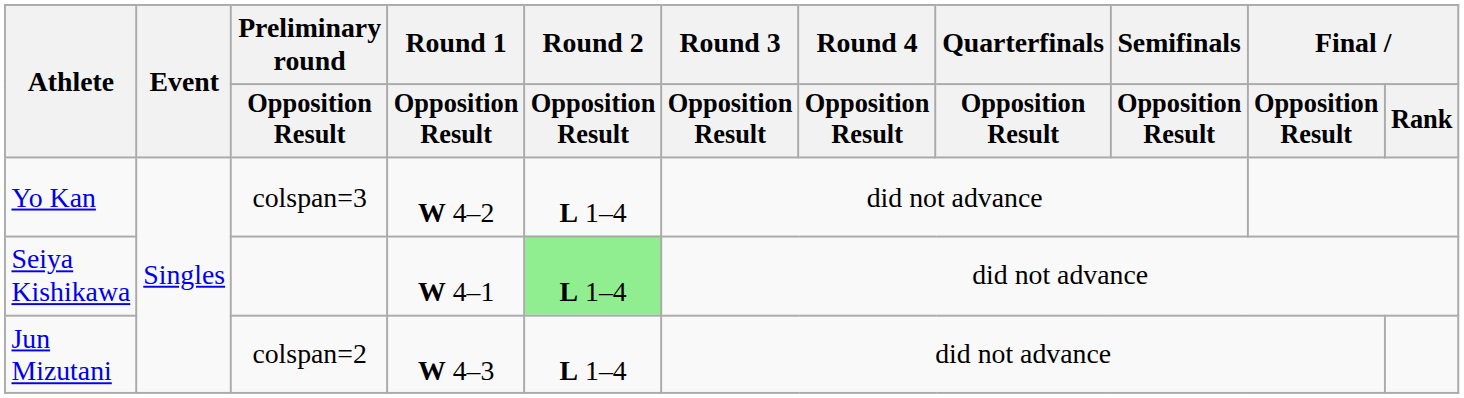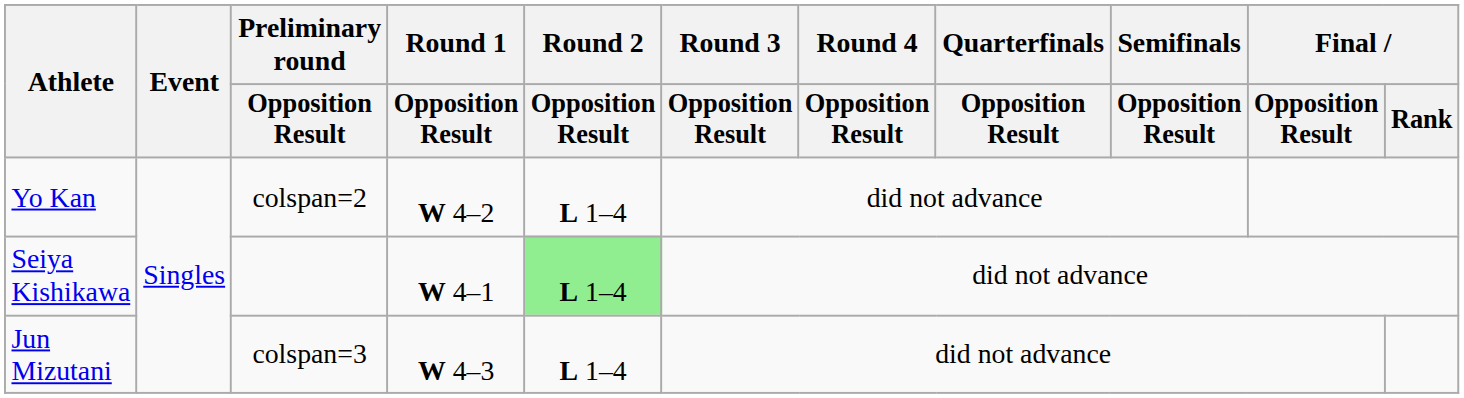 <table class="wikitable" style="font-size:90%;">
 <tr>
 <th rowspan="2">Athlete</th>
 <th rowspan="2">Event</th>
 <th>Preliminary round</th>
 <th>Round 1</th>
 <th>Round 2</th>
 <th>Round 3</th>
 <th>Round 4</th>
 <th>Quarterfinals</th>
 <th>Semifinals</th>
 <th colspan=2>Final / </th>
 </tr>
 <tr style="font-size:95%">
 <th>Opposition<br>Result</th>
 <th>Opposition<br>Result</th>
 <th>Opposition<br>Result</th>
 <th>Opposition<br>Result</th>
 <th>Opposition<br>Result</th>
 <th>Opposition<br>Result</th>
 <th>Opposition<br>Result</th>
 <th>Opposition<br>Result</th>
 <th>Rank</th>
 </tr>
 <tr align=center>
 <td align=left><a href='#'>Yo Kan</a></td>
 <td align=left rowspan=3><a href='#'>Singles</a></td>
-<td>colspan=3 </td>
+<td>colspan=2 </td>
 <td><br><strong>W</strong> 4–2</td>
 <td><br><strong>L</strong> 1–4</td>
 <td colspan=4>did not advance</td>
 </tr>
 <tr align=center>
 <td align=left><a href='#'>Seiya Kishikawa</a></td>
 <td></td>
 <td><br><strong>W</strong> 4–1</td>
 <td style="background: lightgreen;"><br><strong>L</strong> 1–4</td>
 <td colspan=6>did not advance</td>
 </tr>
 <tr align=center>
 <td align=left><a href='#'>Jun Mizutani</a></td>
-<td>colspan=2 </td>
+<td>colspan=3 </td>
 <td><br><strong>W</strong> 4–3</td>
 <td><br><strong>L</strong> 1–4</td>
 <td colspan=5>did not advance</td>
 </tr>
 </table>
